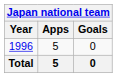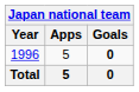 <table class="wikitable" style="text-align:center">
 <tr>
 <th colspan=3><a href='#'>Japan national team</a></th>
 </tr>
 <tr>
 <th>Year</th>
 <th>Apps</th>
 <th>Goals</th>
 </tr>
 <tr>
 <td><a href='#'>1996</a></td>
 <td>5</td>
-<td>0</td>
+<td><strong>0</strong></td>
 </tr>
 <tr>
 <th>Total</th>
 <th>5</th>
 <th>0</th>
 </tr>
 </table>
